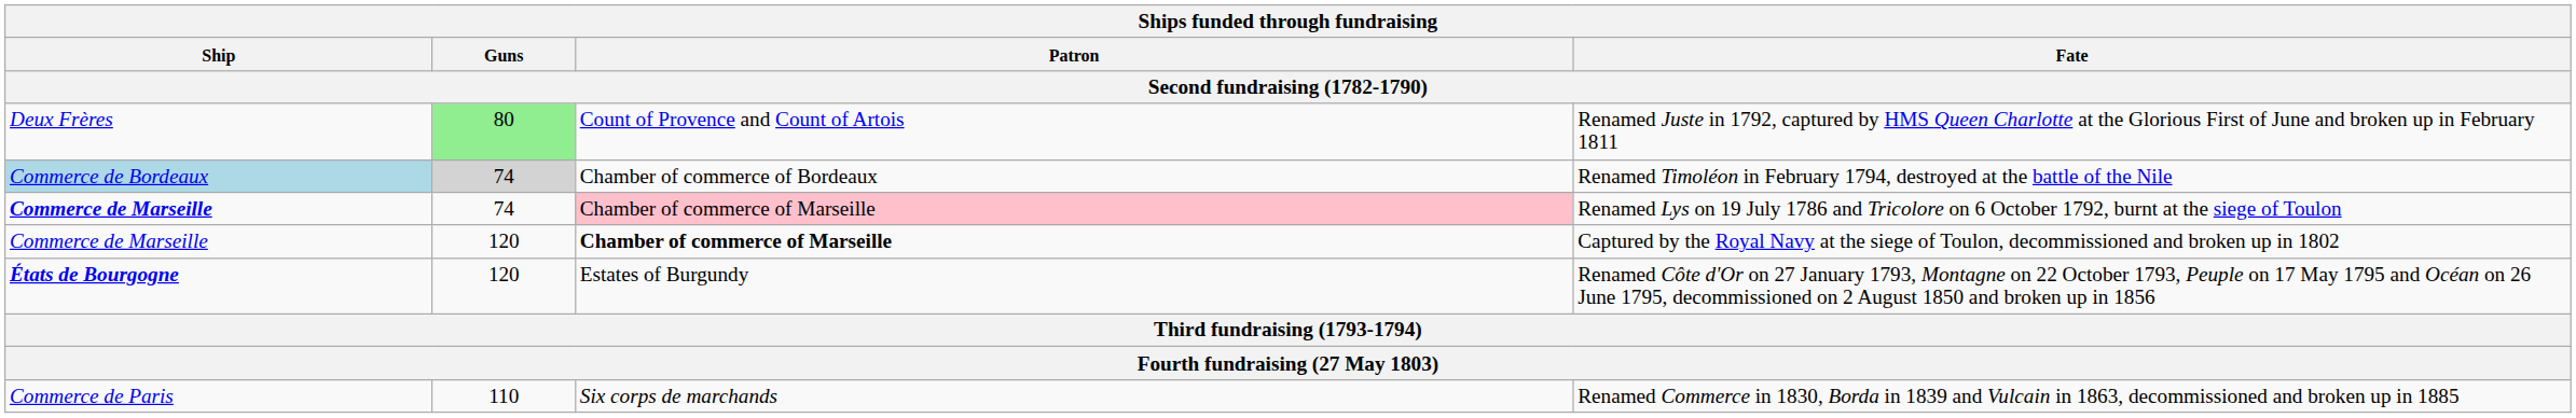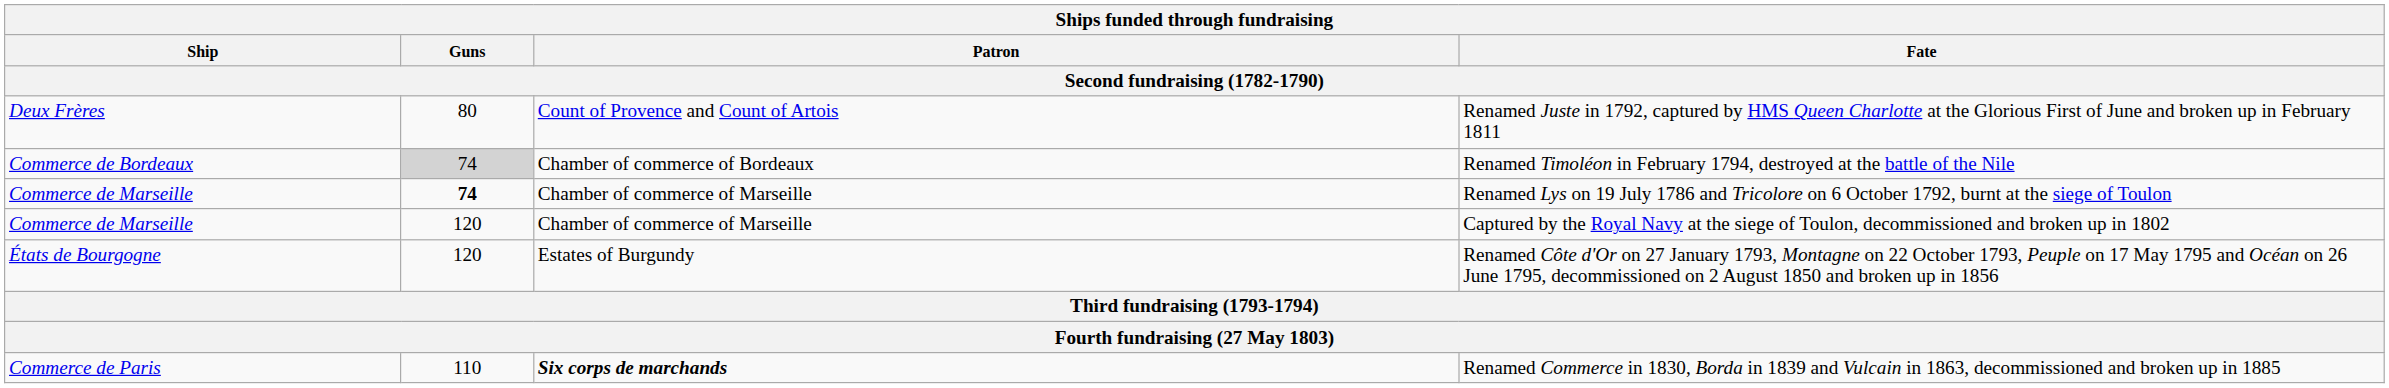 <table class="wikitable" width=100%>
 <tr valign="top">
 <th colspan="5" bgcolor="white">Ships funded through fundraising</th>
 </tr>
 <tr valign="top">
 <th width=15%; align= center><small> Ship </small></th>
 <th width=5%;  align= center><small> Guns </small></th>
 <th width=35%; align= center><small> Patron </small></th>
 <th width=35%; align= center><small>Fate</small></th>
 </tr>
 <tr valign="top">
 <th colspan=5 align=center><strong>Second fundraising (1782-1790)</strong></th>
 </tr>
 <tr valign="top">
 <td align= left><a href='#'><em>Deux Frères</em></a></td>
-<td align= center style="background: lightgreen;">80</td>
+<td align= center>80</td>
 <td align= left><a href='#'>Count of Provence</a> and <a href='#'>Count of Artois</a></td>
 <td align= left>Renamed <em>Juste</em> in 1792, captured by <a href='#'>HMS <em>Queen Charlotte</em></a> at the Glorious First of June and broken up in February 1811</td>
 </tr>
 <tr valign="top">
-<td align= left style="background: lightblue;"><a href='#'><em>Commerce de Bordeaux</em></a></td>
+<td align= left><a href='#'><em>Commerce de Bordeaux</em></a></td>
 <td align= center style="background: lightgrey;">74</td>
 <td align= left>Chamber of commerce of Bordeaux</td>
 <td align= left>Renamed <em>Timoléon</em> in February 1794, destroyed at the <a href='#'>battle of the Nile</a></td>
 </tr>
 <tr valign="top">
-<td align= left><strong><a href='#'><em>Commerce de Marseille</em></a></strong></td>
-<td align= center>74</td>
-<td align= left style="background: pink;">Chamber of commerce of Marseille</td>
+<td align= left><a href='#'><em>Commerce de Marseille</em></a></td>
+<td align= center><strong>74</strong></td>
+<td align= left>Chamber of commerce of Marseille</td>
 <td align= left>Renamed <em>Lys</em> on 19 July 1786 and <em>Tricolore</em> on 6 October 1792, burnt at the <a href='#'>siege of Toulon</a></td>
 </tr>
 <tr valign="top">
 <td align= left><a href='#'><em>Commerce de Marseille</em></a></td>
 <td align= center>120</td>
-<td align= left><strong>Chamber of commerce of Marseille</strong></td>
+<td align= left>Chamber of commerce of Marseille</td>
 <td align= left>Captured by the <a href='#'>Royal Navy</a> at the siege of Toulon, decommissioned and broken up in 1802</td>
 </tr>
 <tr valign="top">
-<td align= left><strong><a href='#'><em>États de Bourgogne</em></a></strong></td>
+<td align= left><a href='#'><em>États de Bourgogne</em></a></td>
 <td align= center>120</td>
 <td align= left>Estates of Burgundy</td>
 <td align= left>Renamed <em>Côte d'Or</em> on 27 January 1793, <em>Montagne</em> on 22 October 1793, <em>Peuple</em> on 17 May 1795 and <em>Océan</em> on 26 June 1795, decommissioned on 2 August 1850 and broken up in 1856</td>
 </tr>
 <tr valign="top">
 <th colspan=5 align=center><strong>Third fundraising (1793-1794)</strong></th>
 </tr>
 <tr valign="top">
 <th colspan=5 align=center><strong>Fourth fundraising (27 May 1803)</strong></th>
 </tr>
 <tr valign="top">
 <td align= left><a href='#'><em>Commerce de Paris</em></a></td>
 <td align= center>110</td>
-<td align= left><em>Six corps de marchands</em></td>
+<td align= left><strong><em>Six corps de marchands</em></strong></td>
 <td align= left>Renamed <em>Commerce</em> in 1830, <em>Borda</em> in 1839 and <em>Vulcain</em> in 1863, decommissioned and broken up in 1885</td>
 </tr>
 </table>
